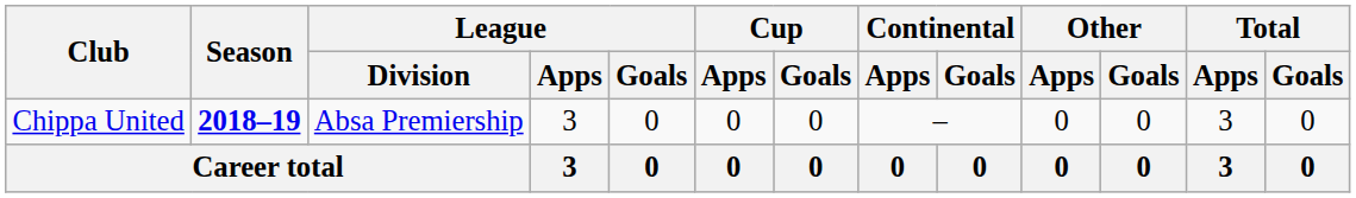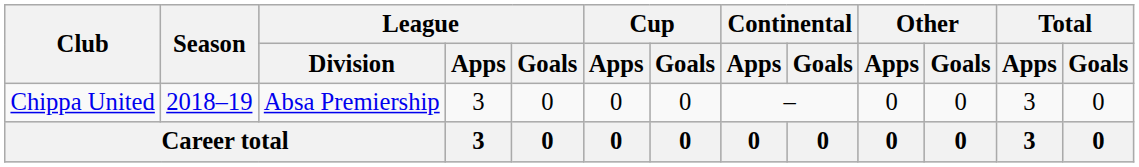 <table class="wikitable" style="text-align: center">
 <tr>
 <th rowspan="2">Club</th>
 <th rowspan="2">Season</th>
 <th colspan="3">League</th>
 <th colspan="2">Cup</th>
 <th colspan="2">Continental</th>
 <th colspan="2">Other</th>
 <th colspan="2">Total</th>
 </tr>
 <tr>
 <th>Division</th>
 <th>Apps</th>
 <th>Goals</th>
 <th>Apps</th>
 <th>Goals</th>
 <th>Apps</th>
 <th>Goals</th>
 <th>Apps</th>
 <th>Goals</th>
 <th>Apps</th>
 <th>Goals</th>
 </tr>
 <tr>
 <td><a href='#'>Chippa United</a></td>
-<td><strong><a href='#'>2018–19</a></strong></td>
+<td><a href='#'>2018–19</a></td>
 <td><a href='#'>Absa Premiership</a></td>
 <td>3</td>
 <td>0</td>
 <td>0</td>
 <td>0</td>
 <td colspan="2">–</td>
 <td>0</td>
 <td>0</td>
 <td>3</td>
 <td>0</td>
 </tr>
 <tr>
 <th colspan="3"><strong>Career total</strong></th>
 <th>3</th>
 <th>0</th>
 <th>0</th>
 <th>0</th>
 <th>0</th>
 <th>0</th>
 <th>0</th>
 <th>0</th>
 <th>3</th>
 <th>0</th>
 </tr>
 </table>
